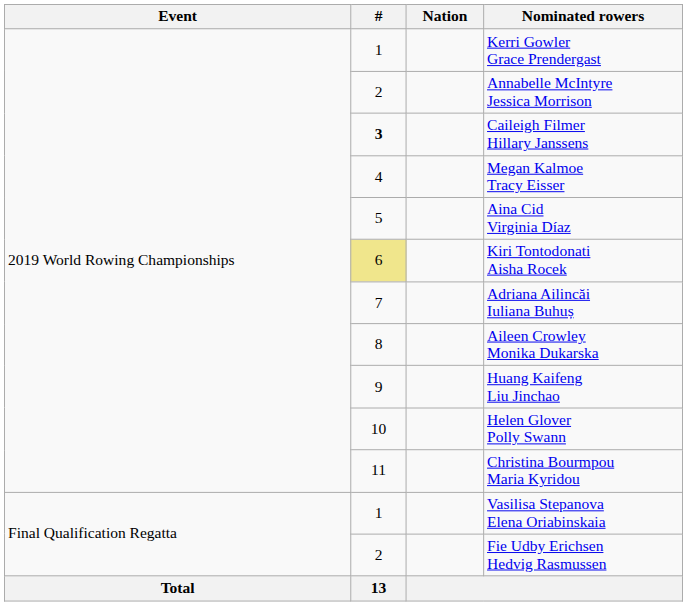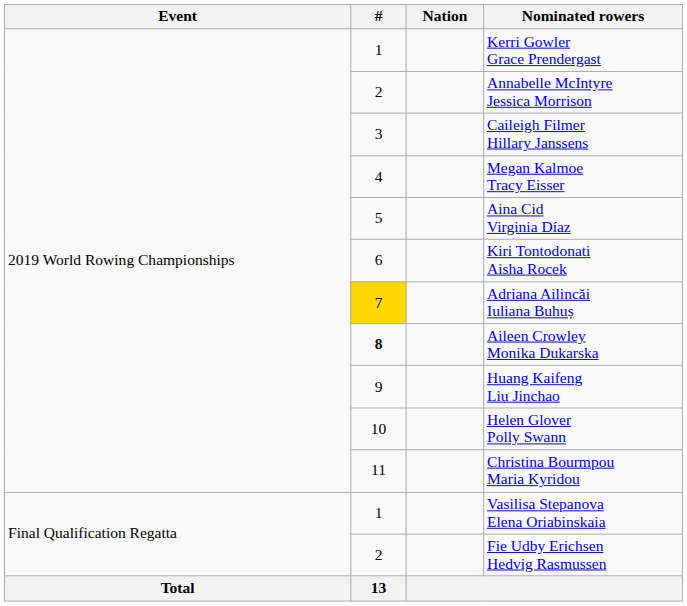 <table class="wikitable"  style="width:700px; text-align:center;">
 <tr>
 <th>Event</th>
 <th width=50>#</th>
 <th>Nation</th>
 <th>Nominated rowers</th>
 </tr>
 <tr>
 <td rowspan=11 align=left>2019 World Rowing Championships</td>
 <td>1</td>
 <td align=left></td>
 <td align=left><a href='#'>Kerri Gowler</a><br><a href='#'>Grace Prendergast</a></td>
 </tr>
 <tr>
 <td>2</td>
 <td align=left></td>
 <td align=left><a href='#'>Annabelle McIntyre</a><br><a href='#'>Jessica Morrison</a></td>
 </tr>
 <tr>
-<td><strong>3</strong></td>
+<td>3</td>
 <td align=left></td>
 <td align=left><a href='#'>Caileigh Filmer</a><br><a href='#'>Hillary Janssens</a></td>
 </tr>
 <tr>
 <td>4</td>
 <td align=left></td>
 <td align=left><a href='#'>Megan Kalmoe</a><br><a href='#'>Tracy Eisser</a></td>
 </tr>
 <tr>
 <td>5</td>
 <td align=left></td>
 <td align=left><a href='#'>Aina Cid</a><br><a href='#'>Virginia Díaz</a></td>
 </tr>
 <tr>
-<td style="background: khaki;">6</td>
+<td>6</td>
 <td align=left></td>
 <td align=left><a href='#'>Kiri Tontodonati</a><br><a href='#'>Aisha Rocek</a></td>
 </tr>
 <tr>
-<td>7</td>
+<td style="background: gold;">7</td>
 <td align=left></td>
 <td align=left><a href='#'>Adriana Ailincăi</a><br><a href='#'>Iuliana Buhuș</a></td>
 </tr>
 <tr>
-<td>8</td>
+<td><strong>8</strong></td>
 <td align=left></td>
 <td align=left><a href='#'>Aileen Crowley</a><br><a href='#'>Monika Dukarska</a></td>
 </tr>
 <tr>
 <td>9</td>
 <td align=left></td>
 <td align=left><a href='#'>Huang Kaifeng</a><br><a href='#'>Liu Jinchao</a></td>
 </tr>
 <tr>
 <td>10</td>
 <td align=left></td>
 <td align=left><a href='#'>Helen Glover</a><br><a href='#'>Polly Swann</a></td>
 </tr>
 <tr>
 <td>11</td>
 <td align=left></td>
 <td align=left><a href='#'>Christina Bourmpou</a><br><a href='#'>Maria Kyridou</a></td>
 </tr>
 <tr>
 <td rowspan=2 align=left>Final Qualification Regatta</td>
 <td>1</td>
 <td align=left></td>
 <td align=left><a href='#'>Vasilisa Stepanova</a><br><a href='#'>Elena Oriabinskaia</a></td>
 </tr>
 <tr>
 <td>2</td>
 <td align=left></td>
 <td align=left><a href='#'>Fie Udby Erichsen</a><br><a href='#'>Hedvig Rasmussen</a></td>
 </tr>
 <tr>
 <th>Total</th>
 <th>13</th>
 <th colspan=2></th>
 </tr>
 </table>
